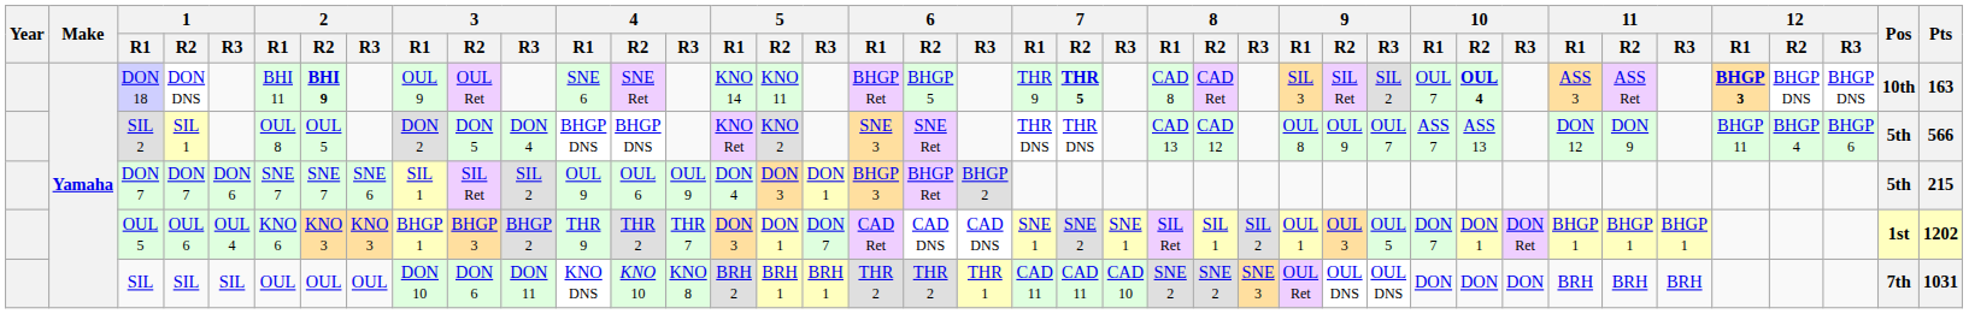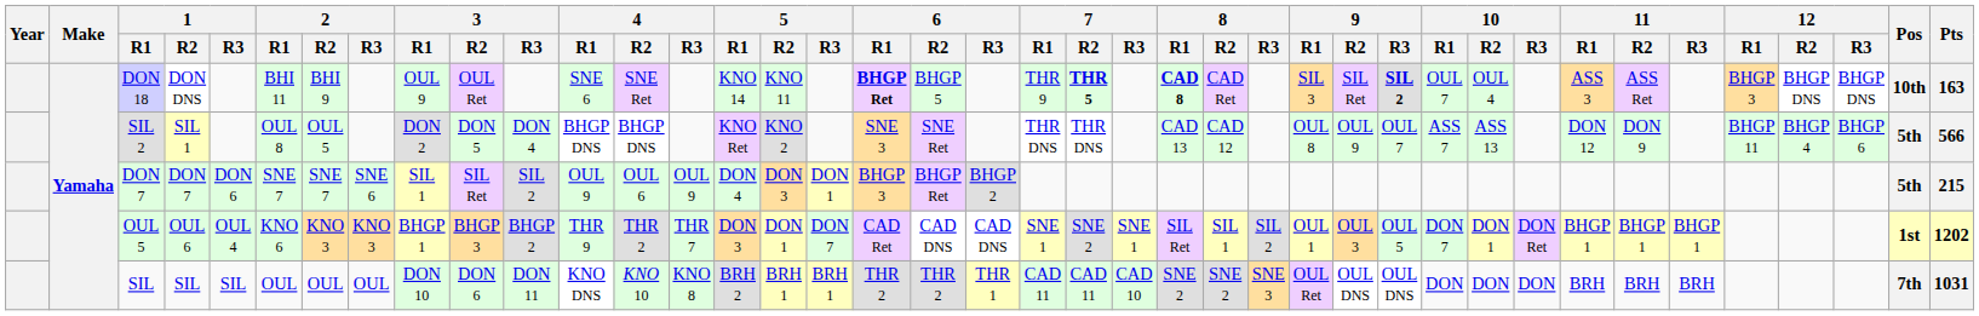 <table class="wikitable" style="text-align:center; font-size:85%;">
 <tr>
 <th rowspan="2">Year</th>
 <th rowspan="2">Make</th>
 <th colspan="3">1</th>
 <th colspan="3">2</th>
 <th colspan="3">3</th>
 <th colspan="3">4</th>
 <th colspan="3">5</th>
 <th colspan="3">6</th>
 <th colspan="3">7</th>
 <th colspan="3">8</th>
 <th colspan="3">9</th>
 <th colspan="3">10</th>
 <th colspan="3">11</th>
 <th colspan="3">12</th>
 <th rowspan="2">Pos</th>
 <th rowspan="2">Pts</th>
 </tr>
 <tr>
 <th>R1</th>
 <th>R2</th>
 <th>R3</th>
 <th>R1</th>
 <th>R2</th>
 <th>R3</th>
 <th>R1</th>
 <th>R2</th>
 <th>R3</th>
 <th>R1</th>
 <th>R2</th>
 <th>R3</th>
 <th>R1</th>
 <th>R2</th>
 <th>R3</th>
 <th>R1</th>
 <th>R2</th>
 <th>R3</th>
 <th>R1</th>
 <th>R2</th>
 <th>R3</th>
 <th>R1</th>
 <th>R2</th>
 <th>R3</th>
 <th>R1</th>
 <th>R2</th>
 <th>R3</th>
 <th>R1</th>
 <th>R2</th>
 <th>R3</th>
 <th>R1</th>
 <th>R2</th>
 <th>R3</th>
 <th>R1</th>
 <th>R2</th>
 <th>R3</th>
 </tr>
 <tr>
 <th></th>
 <th rowspan="5"><a href='#'>Yamaha</a></th>
 <td style="background:#CFCFFF;"><a href='#'>DON</a><br><small>18</small></td>
 <td style="background:#FFFFFF;"><a href='#'>DON</a><br><small>DNS</small></td>
 <td></td>
 <td style="background:#DFFFDF;"><a href='#'>BHI</a><br><small>11</small></td>
-<td style="background:#DFFFDF;"><strong><a href='#'>BHI</a><br><small>9</small></strong></td>
+<td style="background:#DFFFDF;"><a href='#'>BHI</a><br><small>9</small></td>
 <td></td>
 <td style="background:#DFFFDF;"><a href='#'>OUL</a><br><small>9</small></td>
 <td style="background:#EFCFFF;"><a href='#'>OUL</a><br><small>Ret</small></td>
 <td></td>
 <td style="background:#DFFFDF;"><a href='#'>SNE</a><br><small>6</small></td>
 <td style="background:#EFCFFF;"><a href='#'>SNE</a><br><small>Ret</small></td>
 <td></td>
 <td style="background:#DFFFDF;"><a href='#'>KNO</a><br><small>14</small></td>
 <td style="background:#DFFFDF;"><a href='#'>KNO</a><br><small>11</small></td>
 <td></td>
-<td style="background:#EFCFFF;"><a href='#'>BHGP</a><br><small>Ret</small></td>
+<td style="background:#EFCFFF;"><strong><a href='#'>BHGP</a><br><small>Ret</small></strong></td>
 <td style="background:#DFFFDF;"><a href='#'>BHGP</a><br><small>5</small></td>
 <td></td>
 <td style="background:#DFFFDF;"><a href='#'>THR</a><br><small>9</small></td>
 <td style="background:#DFFFDF;"><strong><a href='#'>THR</a><br><small>5</small></strong></td>
 <td></td>
-<td style="background:#DFFFDF;"><a href='#'>CAD</a><br><small>8</small></td>
+<td style="background:#DFFFDF;"><strong><a href='#'>CAD</a><br><small>8</small></strong></td>
 <td style="background:#EFCFFF;"><a href='#'>CAD</a><br><small>Ret</small></td>
 <td></td>
 <td style="background:#FFDF9F;"><a href='#'>SIL</a><br><small>3</small></td>
 <td style="background:#EFCFFF;"><a href='#'>SIL</a><br><small>Ret</small></td>
-<td style="background:#DFDFDF;"><a href='#'>SIL</a><br><small>2</small></td>
+<td style="background:#DFDFDF;"><strong><a href='#'>SIL</a><br><small>2</small></strong></td>
 <td style="background:#DFFFDF;"><a href='#'>OUL</a><br><small>7</small></td>
-<td style="background:#DFFFDF;"><strong><a href='#'>OUL</a><br><small>4</small></strong></td>
+<td style="background:#DFFFDF;"><a href='#'>OUL</a><br><small>4</small></td>
 <td></td>
 <td style="background:#FFDF9F;"><a href='#'>ASS</a><br><small>3</small></td>
 <td style="background:#EFCFFF;"><a href='#'>ASS</a><br><small>Ret</small></td>
 <td></td>
-<td style="background:#FFDF9F;"><strong><a href='#'>BHGP</a><br><small>3</small></strong></td>
+<td style="background:#FFDF9F;"><a href='#'>BHGP</a><br><small>3</small></td>
 <td style="background:#FFFFFF;"><a href='#'>BHGP</a><br><small>DNS</small></td>
 <td style="background:#FFFFFF;"><a href='#'>BHGP</a><br><small>DNS</small></td>
 <th>10th</th>
 <th>163</th>
 </tr>
 <tr>
 <th></th>
 <td style="background:#DFDFDF;"><a href='#'>SIL</a><br><small>2</small></td>
 <td style="background:#FFFFBF;"><a href='#'>SIL</a><br><small>1</small></td>
 <td></td>
 <td style="background:#DFFFDF;"><a href='#'>OUL</a><br><small>8</small></td>
 <td style="background:#DFFFDF;"><a href='#'>OUL</a><br><small>5</small></td>
 <td></td>
 <td style="background:#DFDFDF;"><a href='#'>DON</a><br><small>2</small></td>
 <td style="background:#DFFFDF;"><a href='#'>DON</a><br><small>5</small></td>
 <td style="background:#DFFFDF;"><a href='#'>DON</a><br><small>4</small></td>
 <td style="background:#FFFFFF;"><a href='#'>BHGP</a><br><small>DNS</small></td>
 <td style="background:#FFFFFF;"><a href='#'>BHGP</a><br><small>DNS</small></td>
 <td></td>
 <td style="background:#EFCFFF;"><a href='#'>KNO</a><br><small>Ret</small></td>
 <td style="background:#DFDFDF;"><a href='#'>KNO</a><br><small>2</small></td>
 <td></td>
 <td style="background:#FFDF9F;"><a href='#'>SNE</a><br><small>3</small></td>
 <td style="background:#EFCFFF;"><a href='#'>SNE</a><br><small>Ret</small></td>
 <td></td>
 <td style="background:#FFFFFF;"><a href='#'>THR</a><br><small>DNS</small></td>
 <td style="background:#FFFFFF;"><a href='#'>THR</a><br><small>DNS</small></td>
 <td></td>
 <td style="background:#DFFFDF;"><a href='#'>CAD</a><br><small>13</small></td>
 <td style="background:#DFFFDF;"><a href='#'>CAD</a><br><small>12</small></td>
 <td></td>
 <td style="background:#DFFFDF;"><a href='#'>OUL</a><br><small>8</small></td>
 <td style="background:#DFFFDF;"><a href='#'>OUL</a><br><small>9</small></td>
 <td style="background:#DFFFDF;"><a href='#'>OUL</a><br><small>7</small></td>
 <td style="background:#DFFFDF;"><a href='#'>ASS</a><br><small>7</small></td>
 <td style="background:#DFFFDF;"><a href='#'>ASS</a><br><small>13</small></td>
 <td></td>
 <td style="background:#DFFFDF;"><a href='#'>DON</a><br><small>12</small></td>
 <td style="background:#DFFFDF;"><a href='#'>DON</a><br><small>9</small></td>
 <td></td>
 <td style="background:#DFFFDF;"><a href='#'>BHGP</a><br><small>11</small></td>
 <td style="background:#DFFFDF;"><a href='#'>BHGP</a><br><small>4</small></td>
 <td style="background:#DFFFDF;"><a href='#'>BHGP</a><br><small>6</small></td>
 <th>5th</th>
 <th>566</th>
 </tr>
 <tr>
 <th></th>
 <td style="background:#DFFFDF;"><a href='#'>DON</a><br><small>7</small></td>
 <td style="background:#DFFFDF;"><a href='#'>DON</a><br><small>7</small></td>
 <td style="background:#DFFFDF;"><a href='#'>DON</a><br><small>6</small></td>
 <td style="background:#DFFFDF;"><a href='#'>SNE</a><br><small>7</small></td>
 <td style="background:#DFFFDF;"><a href='#'>SNE</a><br><small>7</small></td>
 <td style="background:#DFFFDF;"><a href='#'>SNE</a><br><small>6</small></td>
 <td style="background:#FFFFBF;"><a href='#'>SIL</a><br><small>1</small></td>
 <td style="background:#EFCFFF;"><a href='#'>SIL</a><br><small>Ret</small></td>
 <td style="background:#DFDFDF;"><a href='#'>SIL</a><br><small>2</small></td>
 <td style="background:#DFFFDF;"><a href='#'>OUL</a><br><small>9</small></td>
 <td style="background:#DFFFDF;"><a href='#'>OUL</a><br><small>6</small></td>
 <td style="background:#DFFFDF;"><a href='#'>OUL</a><br><small>9</small></td>
 <td style="background:#DFFFDF;"><a href='#'>DON</a><br><small>4</small></td>
 <td style="background:#FFDF9F;"><a href='#'>DON</a><br><small>3</small></td>
 <td style="background:#FFFFBF;"><a href='#'>DON</a><br><small>1</small></td>
 <td style="background:#FFDF9F;"><a href='#'>BHGP</a><br><small>3</small></td>
 <td style="background:#EFCFFF;"><a href='#'>BHGP</a><br><small>Ret</small></td>
 <td style="background:#DFDFDF;"><a href='#'>BHGP</a><br><small>2</small></td>
 <td></td>
 <td></td>
 <td></td>
 <td></td>
 <td></td>
 <td></td>
 <td></td>
 <td></td>
 <td></td>
 <td></td>
 <td></td>
 <td></td>
 <td></td>
 <td></td>
 <td></td>
 <td></td>
 <td></td>
 <td></td>
 <th>5th</th>
 <th>215</th>
 </tr>
 <tr>
 <th></th>
 <td style="background:#DFFFDF;"><a href='#'>OUL</a><br><small>5</small></td>
 <td style="background:#DFFFDF;"><a href='#'>OUL</a><br><small>6</small></td>
 <td style="background:#DFFFDF;"><a href='#'>OUL</a><br><small>4</small></td>
 <td style="background:#DFFFDF;"><a href='#'>KNO</a><br><small>6</small></td>
 <td style="background:#FFDF9F;"><a href='#'>KNO</a><br><small>3</small></td>
 <td style="background:#FFDF9F;"><a href='#'>KNO</a><br><small>3</small></td>
 <td style="background:#FFFFBF;"><a href='#'>BHGP</a><br><small>1</small></td>
 <td style="background:#FFDF9F;"><a href='#'>BHGP</a><br><small>3</small></td>
 <td style="background:#DFDFDF;"><a href='#'>BHGP</a><br><small>2</small></td>
 <td style="background:#DFFFDF;"><a href='#'>THR</a><br><small>9</small></td>
 <td style="background:#DFDFDF;"><a href='#'>THR</a><br><small>2</small></td>
 <td style="background:#DFFFDF;"><a href='#'>THR</a><br><small>7</small></td>
 <td style="background:#FFDF9F;"><a href='#'>DON</a><br><small>3</small></td>
 <td style="background:#FFFFBF;"><a href='#'>DON</a><br><small>1</small></td>
 <td style="background:#DFFFDF;"><a href='#'>DON</a><br><small>7</small></td>
 <td style="background:#EFCFFF;"><a href='#'>CAD</a><br><small>Ret</small></td>
 <td style="background:#FFFFFF;"><a href='#'>CAD</a><br><small>DNS</small></td>
 <td style="background:#FFFFFF;"><a href='#'>CAD</a><br><small>DNS</small></td>
 <td style="background:#FFFFBF;"><a href='#'>SNE</a><br><small>1</small></td>
 <td style="background:#DFDFDF;"><a href='#'>SNE</a><br><small>2</small></td>
 <td style="background:#FFFFBF;"><a href='#'>SNE</a><br><small>1</small></td>
 <td style="background:#EFCFFF;"><a href='#'>SIL</a><br><small>Ret</small></td>
 <td style="background:#FFFFBF;"><a href='#'>SIL</a><br><small>1</small></td>
 <td style="background:#DFDFDF;"><a href='#'>SIL</a><br><small>2</small></td>
 <td style="background:#FFFFBF;"><a href='#'>OUL</a><br><small>1</small></td>
 <td style="background:#FFDF9F;"><a href='#'>OUL</a><br><small>3</small></td>
 <td style="background:#DFFFDF;"><a href='#'>OUL</a><br><small>5</small></td>
 <td style="background:#DFFFDF;"><a href='#'>DON</a><br><small>7</small></td>
 <td style="background:#FFFFBF;"><a href='#'>DON</a><br><small>1</small></td>
 <td style="background:#EFCFFF;"><a href='#'>DON</a><br><small>Ret</small></td>
 <td style="background:#FFFFBF;"><a href='#'>BHGP</a><br><small>1</small></td>
 <td style="background:#FFFFBF;"><a href='#'>BHGP</a><br><small>1</small></td>
 <td style="background:#FFFFBF;"><a href='#'>BHGP</a><br><small>1</small></td>
 <td></td>
 <td></td>
 <td></td>
 <th style="background:#FFFFBF;">1st</th>
 <th style="background:#FFFFBF;">1202</th>
 </tr>
 <tr>
 <th></th>
 <td><a href='#'>SIL</a></td>
 <td><a href='#'>SIL</a></td>
 <td><a href='#'>SIL</a></td>
 <td><a href='#'>OUL</a></td>
 <td><a href='#'>OUL</a></td>
 <td><a href='#'>OUL</a></td>
 <td style="background:#DFFFDF;"><a href='#'>DON</a><br><small>10</small></td>
 <td style="background:#DFFFDF;"><a href='#'>DON</a><br><small>6</small></td>
 <td style="background:#DFFFDF;"><a href='#'>DON</a><br><small>11</small></td>
 <td style="background:#FFFFFF;"><a href='#'>KNO</a><br><small>DNS</small></td>
 <td style="background:#DFFFDF;"><em><a href='#'>KNO</a></em><br><small>10</small></td>
 <td style="background:#DFFFDF;"><a href='#'>KNO</a><br><small>8</small></td>
 <td style="background:#DFDFDF;"><a href='#'>BRH</a><br><small>2</small></td>
 <td style="background:#FFFFBF;"><a href='#'>BRH</a><br><small>1</small></td>
 <td style="background:#FFFFBF;"><a href='#'>BRH</a><br><small>1</small></td>
 <td style="background:#DFDFDF;"><a href='#'>THR</a><br><small>2</small></td>
 <td style="background:#DFDFDF;"><a href='#'>THR</a><br><small>2</small></td>
 <td style="background:#FFFFBF;"><a href='#'>THR</a><br><small>1</small></td>
 <td style="background:#DFFFDF;"><a href='#'>CAD</a><br><small>11</small></td>
 <td style="background:#DFFFDF;"><a href='#'>CAD</a><br><small>11</small></td>
 <td style="background:#DFFFDF;"><a href='#'>CAD</a><br><small>10</small></td>
 <td style="background:#DFDFDF;"><a href='#'>SNE</a><br><small>2</small></td>
 <td style="background:#DFDFDF;"><a href='#'>SNE</a><br><small>2</small></td>
 <td style="background:#FFDF9F;"><a href='#'>SNE</a><br><small>3</small></td>
 <td style="background:#EFCFFF;"><a href='#'>OUL</a><br><small>Ret</small></td>
 <td style="background:#FFFFFF;"><a href='#'>OUL</a><br><small>DNS</small></td>
 <td style="background:#FFFFFF;"><a href='#'>OUL</a><br><small>DNS</small></td>
 <td><a href='#'>DON</a></td>
 <td><a href='#'>DON</a></td>
 <td><a href='#'>DON</a></td>
 <td><a href='#'>BRH</a></td>
 <td><a href='#'>BRH</a></td>
 <td><a href='#'>BRH</a></td>
 <td></td>
 <td></td>
 <td></td>
 <th>7th</th>
 <th>1031</th>
 </tr>
 </table>
